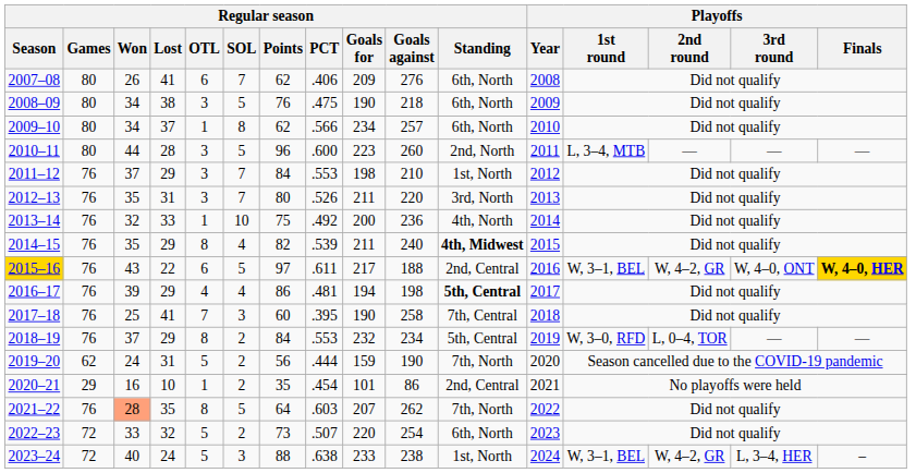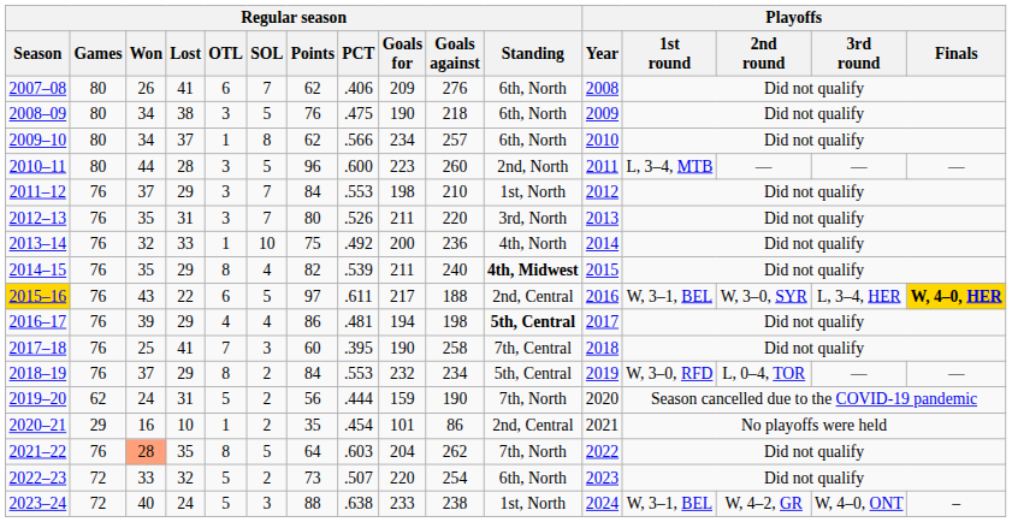 <table class="wikitable" style="text-align:center; font-size:100%">
 <tr>
 <th colspan=11>Regular season</th>
 <th colspan=5>Playoffs</th>
 </tr>
 <tr>
 <th>Season</th>
 <th>Games</th>
 <th>Won</th>
 <th>Lost</th>
 <th>OTL</th>
 <th>SOL</th>
 <th>Points</th>
 <th>PCT</th>
 <th>Goals<br>for</th>
 <th>Goals<br>against</th>
 <th>Standing</th>
 <th>Year</th>
 <th>1st<br>round</th>
 <th>2nd<br>round</th>
 <th>3rd<br>round</th>
 <th>Finals</th>
 </tr>
 <tr>
 <td><a href='#'>2007–08</a></td>
 <td>80</td>
 <td>26</td>
 <td>41</td>
 <td>6</td>
 <td>7</td>
 <td>62</td>
 <td>.406</td>
 <td>209</td>
 <td>276</td>
 <td>6th, North</td>
 <td><a href='#'>2008</a></td>
 <td colspan="4">Did not qualify</td>
 </tr>
 <tr>
 <td><a href='#'>2008–09</a></td>
 <td>80</td>
 <td>34</td>
 <td>38</td>
 <td>3</td>
 <td>5</td>
 <td>76</td>
 <td>.475</td>
 <td>190</td>
 <td>218</td>
 <td>6th, North</td>
 <td><a href='#'>2009</a></td>
 <td colspan="4">Did not qualify</td>
 </tr>
 <tr>
 <td><a href='#'>2009–10</a></td>
 <td>80</td>
 <td>34</td>
 <td>37</td>
 <td>1</td>
 <td>8</td>
 <td>62</td>
 <td>.566</td>
 <td>234</td>
 <td>257</td>
 <td>6th, North</td>
 <td><a href='#'>2010</a></td>
 <td colspan="4">Did not qualify</td>
 </tr>
 <tr>
 <td><a href='#'>2010–11</a></td>
 <td>80</td>
 <td>44</td>
 <td>28</td>
 <td>3</td>
 <td>5</td>
 <td>96</td>
 <td>.600</td>
 <td>223</td>
 <td>260</td>
 <td>2nd, North</td>
 <td><a href='#'>2011</a></td>
 <td>L, 3–4, <a href='#'>MTB</a></td>
 <td>—</td>
 <td>—</td>
 <td>—</td>
 </tr>
 <tr>
 <td><a href='#'>2011–12</a></td>
 <td>76</td>
 <td>37</td>
 <td>29</td>
 <td>3</td>
 <td>7</td>
 <td>84</td>
 <td>.553</td>
 <td>198</td>
 <td>210</td>
 <td>1st, North</td>
 <td><a href='#'>2012</a></td>
 <td colspan="4">Did not qualify</td>
 </tr>
 <tr>
 <td><a href='#'>2012–13</a></td>
 <td>76</td>
 <td>35</td>
 <td>31</td>
 <td>3</td>
 <td>7</td>
 <td>80</td>
 <td>.526</td>
 <td>211</td>
 <td>220</td>
 <td>3rd, North</td>
 <td><a href='#'>2013</a></td>
 <td colspan="4">Did not qualify</td>
 </tr>
 <tr>
 <td><a href='#'>2013–14</a></td>
 <td>76</td>
 <td>32</td>
 <td>33</td>
 <td>1</td>
 <td>10</td>
 <td>75</td>
 <td>.492</td>
 <td>200</td>
 <td>236</td>
 <td>4th, North</td>
 <td><a href='#'>2014</a></td>
 <td colspan="4">Did not qualify</td>
 </tr>
 <tr>
 <td><a href='#'>2014–15</a></td>
 <td>76</td>
 <td>35</td>
 <td>29</td>
 <td>8</td>
 <td>4</td>
 <td>82</td>
 <td>.539</td>
 <td>211</td>
 <td>240</td>
 <td><strong>4th, Midwest</strong></td>
 <td><a href='#'>2015</a></td>
 <td colspan="4">Did not qualify</td>
 </tr>
 <tr>
 <td style="background:gold"><a href='#'>2015–16</a></td>
 <td>76</td>
 <td>43</td>
 <td>22</td>
 <td>6</td>
 <td>5</td>
 <td>97</td>
 <td>.611</td>
 <td>217</td>
 <td>188</td>
 <td>2nd, Central</td>
 <td><a href='#'>2016</a></td>
 <td>W, 3–1, <a href='#'>BEL</a></td>
-<td>W, 4–2, <a href='#'>GR</a></td>
-<td>W, 4–0, <a href='#'>ONT</a></td>
+<td>W, 3–0, <a href='#'>SYR</a></td>
+<td>L, 3–4, <a href='#'>HER</a></td>
 <td style="background:gold"><strong>W, 4–0, <a href='#'>HER</a></strong></td>
 </tr>
 <tr>
 <td><a href='#'>2016–17</a></td>
 <td>76</td>
 <td>39</td>
 <td>29</td>
 <td>4</td>
 <td>4</td>
 <td>86</td>
 <td>.481</td>
 <td>194</td>
 <td>198</td>
 <td><strong>5th, Central</strong></td>
 <td><a href='#'>2017</a></td>
 <td colspan="4">Did not qualify</td>
 </tr>
 <tr>
 <td><a href='#'>2017–18</a></td>
 <td>76</td>
 <td>25</td>
 <td>41</td>
 <td>7</td>
 <td>3</td>
 <td>60</td>
 <td>.395</td>
 <td>190</td>
 <td>258</td>
 <td>7th, Central</td>
 <td><a href='#'>2018</a></td>
 <td colspan="4">Did not qualify</td>
 </tr>
 <tr>
 <td><a href='#'>2018–19</a></td>
 <td>76</td>
 <td>37</td>
 <td>29</td>
 <td>8</td>
 <td>2</td>
 <td>84</td>
 <td>.553</td>
 <td>232</td>
 <td>234</td>
 <td>5th, Central</td>
 <td><a href='#'>2019</a></td>
 <td>W, 3–0, <a href='#'>RFD</a></td>
 <td>L, 0–4, <a href='#'>TOR</a></td>
 <td>—</td>
 <td>—</td>
 </tr>
 <tr>
 <td><a href='#'>2019–20</a></td>
 <td>62</td>
 <td>24</td>
 <td>31</td>
 <td>5</td>
 <td>2</td>
 <td>56</td>
 <td>.444</td>
 <td>159</td>
 <td>190</td>
 <td>7th, North</td>
 <td>2020</td>
 <td colspan="4">Season cancelled due to the <a href='#'>COVID-19 pandemic</a></td>
 </tr>
 <tr>
 <td><a href='#'>2020–21</a></td>
 <td>29</td>
 <td>16</td>
 <td>10</td>
 <td>1</td>
 <td>2</td>
 <td>35</td>
 <td>.454</td>
 <td>101</td>
 <td>86</td>
 <td>2nd, Central</td>
 <td>2021</td>
 <td colspan="4">No playoffs were held</td>
 </tr>
 <tr>
 <td><a href='#'>2021–22</a></td>
 <td>76</td>
 <td style="background: lightsalmon;">28</td>
 <td>35</td>
 <td>8</td>
 <td>5</td>
 <td>64</td>
 <td>.603</td>
-<td>207</td>
+<td>204</td>
 <td>262</td>
 <td>7th, North</td>
 <td><a href='#'>2022</a></td>
 <td colspan="4">Did not qualify</td>
 </tr>
 <tr>
 <td><a href='#'>2022–23</a></td>
 <td>72</td>
 <td>33</td>
 <td>32</td>
 <td>5</td>
 <td>2</td>
 <td>73</td>
 <td>.507</td>
 <td>220</td>
 <td>254</td>
 <td>6th, North</td>
 <td><a href='#'>2023</a></td>
 <td colspan="4">Did not qualify</td>
 </tr>
 <tr>
 <td><a href='#'>2023–24</a></td>
 <td>72</td>
 <td>40</td>
 <td>24</td>
 <td>5</td>
 <td>3</td>
 <td>88</td>
 <td>.638</td>
 <td>233</td>
 <td>238</td>
 <td>1st, North</td>
 <td><a href='#'>2024</a></td>
 <td>W, 3–1, <a href='#'>BEL</a></td>
 <td>W, 4–2, <a href='#'>GR</a></td>
-<td>L, 3–4, <a href='#'>HER</a></td>
+<td>W, 4–0, <a href='#'>ONT</a></td>
 <td>–</td>
 </tr>
 </table>
